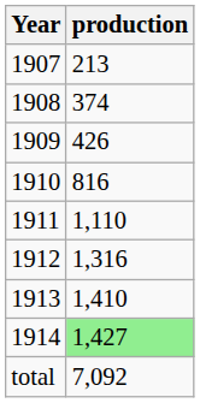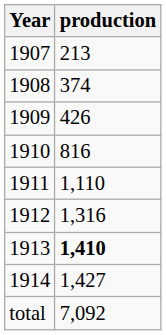 <table class="wikitable sortable">
 <tr>
 <th>Year</th>
 <th>production</th>
 </tr>
 <tr>
 <td>1907</td>
 <td>213</td>
 </tr>
 <tr>
 <td>1908</td>
 <td>374</td>
 </tr>
 <tr>
 <td>1909</td>
 <td>426</td>
 </tr>
 <tr>
 <td>1910</td>
 <td>816</td>
 </tr>
 <tr>
 <td>1911</td>
 <td>1,110</td>
 </tr>
 <tr>
 <td>1912</td>
 <td>1,316</td>
 </tr>
 <tr>
 <td>1913</td>
-<td>1,410</td>
+<td><strong>1,410</strong></td>
 </tr>
 <tr>
 <td>1914</td>
-<td style="background: lightgreen;">1,427</td>
+<td>1,427</td>
 </tr>
 <tr>
 <td>total</td>
 <td>7,092</td>
 </tr>
 </table>
